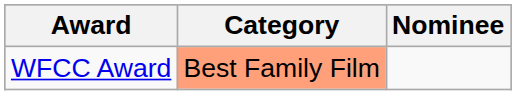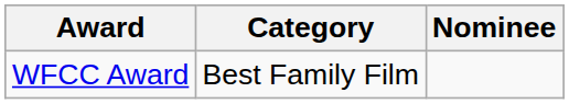 <table class="wikitable sortable">
 <tr>
 <th>Award</th>
 <th>Category</th>
 <th>Nominee</th>
 </tr>
 <tr>
 <td rowspan="2"><a href='#'>WFCC Award</a></td>
-<td style="background: lightsalmon;">Best Family Film</td>
+<td>Best Family Film</td>
 <td></td>
 </tr>
 </table>
